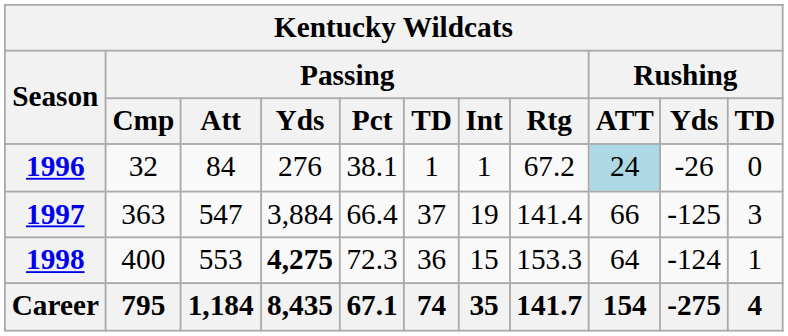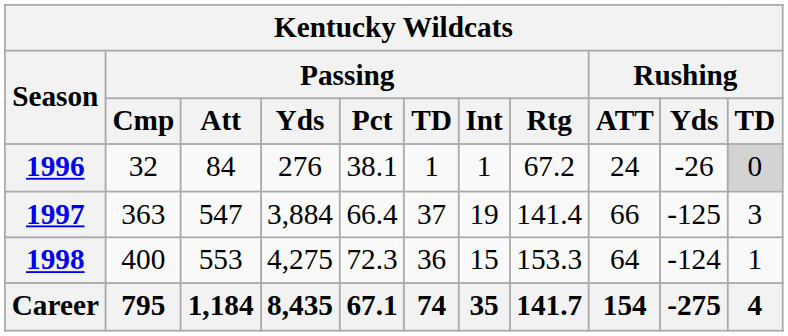 <table class = wikitable style = "text-align:center;">
 <tr>
 <th colspan="11">Kentucky Wildcats</th>
 </tr>
 <tr>
 <th rowspan="2">Season</th>
 <th colspan="7">Passing</th>
 <th colspan="3">Rushing</th>
 </tr>
 <tr>
 <th>Cmp</th>
 <th>Att</th>
 <th>Yds</th>
 <th>Pct</th>
 <th>TD</th>
 <th>Int</th>
 <th>Rtg</th>
 <th>ATT</th>
 <th>Yds</th>
 <th>TD</th>
 </tr>
 <tr>
 <th><a href='#'>1996</a></th>
 <td>32</td>
 <td>84</td>
 <td>276</td>
 <td>38.1</td>
 <td>1</td>
 <td>1</td>
 <td>67.2</td>
-<td style="background: lightblue;">24</td>
+<td>24</td>
 <td>-26</td>
-<td>0</td>
+<td style="background: lightgrey;">0</td>
 </tr>
 <tr>
 <th><a href='#'>1997</a></th>
 <td>363</td>
 <td>547</td>
 <td>3,884</td>
 <td>66.4</td>
 <td>37</td>
 <td>19</td>
 <td>141.4</td>
 <td>66</td>
 <td>-125</td>
 <td>3</td>
 </tr>
 <tr>
 <th><a href='#'>1998</a></th>
 <td>400</td>
 <td>553</td>
-<td><strong>4,275</strong></td>
+<td>4,275</td>
 <td>72.3</td>
 <td>36</td>
 <td>15</td>
 <td>153.3</td>
 <td>64</td>
 <td>-124</td>
 <td>1</td>
 </tr>
 <tr>
 <th>Career</th>
 <th>795</th>
 <th>1,184</th>
 <th>8,435</th>
 <th>67.1</th>
 <th>74</th>
 <th>35</th>
 <th>141.7</th>
 <th>154</th>
 <th>-275</th>
 <th>4</th>
 </tr>
 </table>
